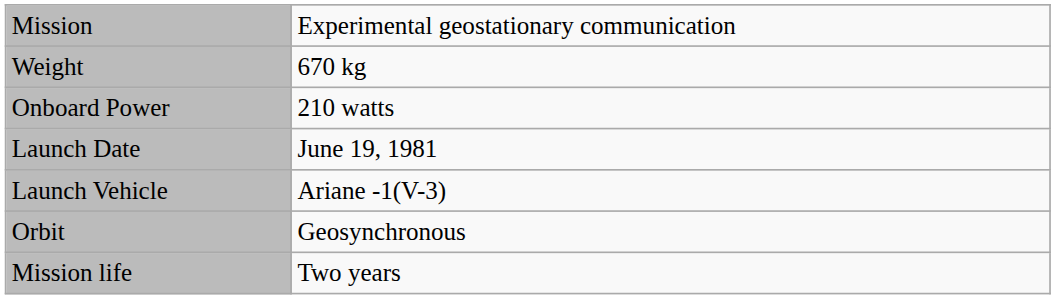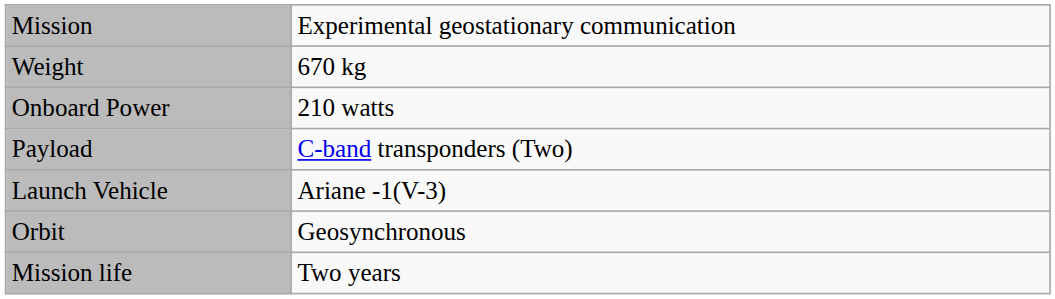 <table class="wikitable sortable" style="margin: 1em auto 1em auto; width:40%; font-size:95%;">
 <tr>
 <td style="text-align:left; background:#BBB;">Mission</td>
 <td>Experimental geostationary communication</td>
 </tr>
 <tr>
 <td style="text-align:left; background:#BBB;">Weight</td>
 <td>670 kg</td>
 </tr>
 <tr>
 <td style="text-align:left; background:#BBB;">Onboard Power</td>
 <td>210 watts</td>
 </tr>
 <tr>
-<td style="text-align:left; background:#BBB;">Launch Date</td>
-<td>June 19, 1981</td>
+<td style="text-align:left; background:#BBB;">Payload</td>
+<td><a href='#'>C-band</a> transponders (Two)</td>
 </tr>
 <tr>
 <td style="text-align:left; background:#BBB;">Launch Vehicle</td>
 <td>Ariane -1(V-3)</td>
 </tr>
 <tr>
 <td style="text-align:left; background:#BBB;">Orbit</td>
 <td>Geosynchronous</td>
 </tr>
 <tr>
 <td style="text-align:left; background:#BBB;">Mission life</td>
 <td>Two years</td>
 </tr>
 </table>
